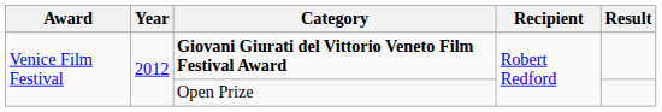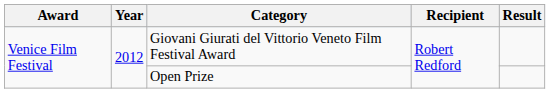 <table class="wikitable">
 <tr style="background:#b0c4de; text-align:center;">
 <th>Award</th>
 <th>Year</th>
 <th>Category</th>
 <th>Recipient</th>
 <th>Result</th>
 </tr>
 <tr>
 <td rowspan="2"><a href='#'>Venice Film Festival</a></td>
 <td rowspan="2" align="center"><a href='#'>2012</a></td>
-<td><strong>Giovani Giurati del Vittorio Veneto Film Festival Award</strong></td>
+<td>Giovani Giurati del Vittorio Veneto Film Festival Award</td>
 <td rowspan="2"><a href='#'>Robert Redford</a></td>
 <td></td>
 </tr>
 <tr>
 <td>Open Prize</td>
 <td></td>
 </tr>
 </table>
